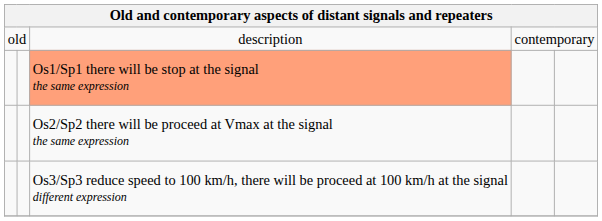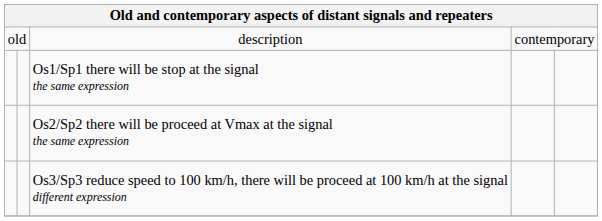 <table class="wikitable">
 <tr>
 <th colspan="5" align="center">Old and contemporary aspects of distant signals and repeaters</th>
 </tr>
 <tr -->
 <td align="center" colspan="2">old</td>
 <td align="center">description</td>
 <td align="center" colspan="2">contemporary</td>
 </tr>
 <tr -->
 <td align="center" valign="bottom"><br><br><br></td>
 <td align="center" valign="bottom"><br><br><br></td>
-<td style="background: lightsalmon;">Os1/Sp1 there will be stop at the signal<br><small><em>the same expression</em></small></td>
+<td>Os1/Sp1 there will be stop at the signal<br><small><em>the same expression</em></small></td>
 <td align="center" valign="bottom"><br><br></td>
 <td align="center" valign="bottom"><br><br></td>
 </tr>
 <tr -->
 <td align="center" valign="bottom"><br><br><br></td>
 <td align="center" valign="bottom"><br><br><br></td>
 <td>Os2/Sp2 there will be proceed at Vmax at the signal<br><small><em>the same expression</em></small></td>
 <td align="center" valign="bottom"><br><br></td>
 <td align="center" valign="bottom"><br><br></td>
 </tr>
 <tr -->
 <td align="center" valign="bottom"><br><br><br></td>
 <td align="center" valign="bottom"><br><br><br></td>
 <td>Os3/Sp3 reduce speed to 100 km/h, there will be proceed at 100 km/h at the signal<br><small><em>different expression</em></small></td>
 <td align="center" valign="bottom"><br><br></td>
 <td align="center" valign="bottom"><br><br></td>
 </tr>
 <tr -->
 </tr>
 </table>
